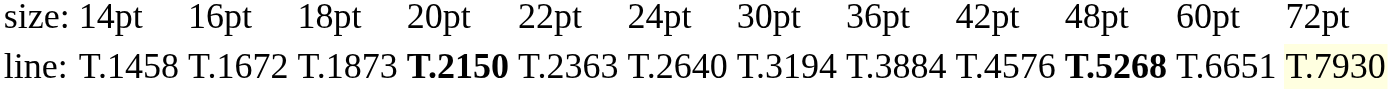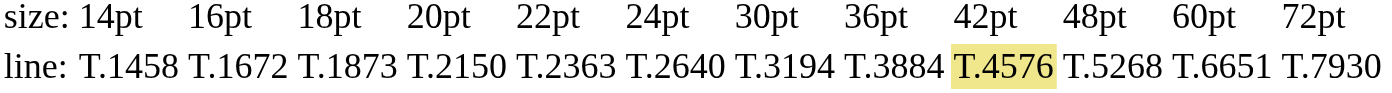 <table style="margin-left:40px;">
 <tr>
 <td>size:</td>
 <td>14pt</td>
 <td>16pt</td>
 <td>18pt</td>
 <td>20pt</td>
 <td>22pt</td>
 <td>24pt</td>
 <td>30pt</td>
 <td>36pt</td>
 <td>42pt</td>
 <td>48pt</td>
 <td>60pt</td>
 <td>72pt</td>
 </tr>
 <tr>
 <td>line:</td>
 <td>T.1458</td>
 <td>T.1672</td>
 <td>T.1873</td>
-<td><strong>T.2150</strong></td>
+<td>T.2150</td>
 <td>T.2363</td>
 <td>T.2640</td>
 <td>T.3194</td>
 <td>T.3884</td>
-<td>T.4576</td>
-<td><strong>T.5268</strong></td>
+<td style="background: khaki;">T.4576</td>
+<td>T.5268</td>
 <td>T.6651</td>
-<td style="background: lightyellow;">T.7930</td>
+<td>T.7930</td>
 </tr>
 </table>
